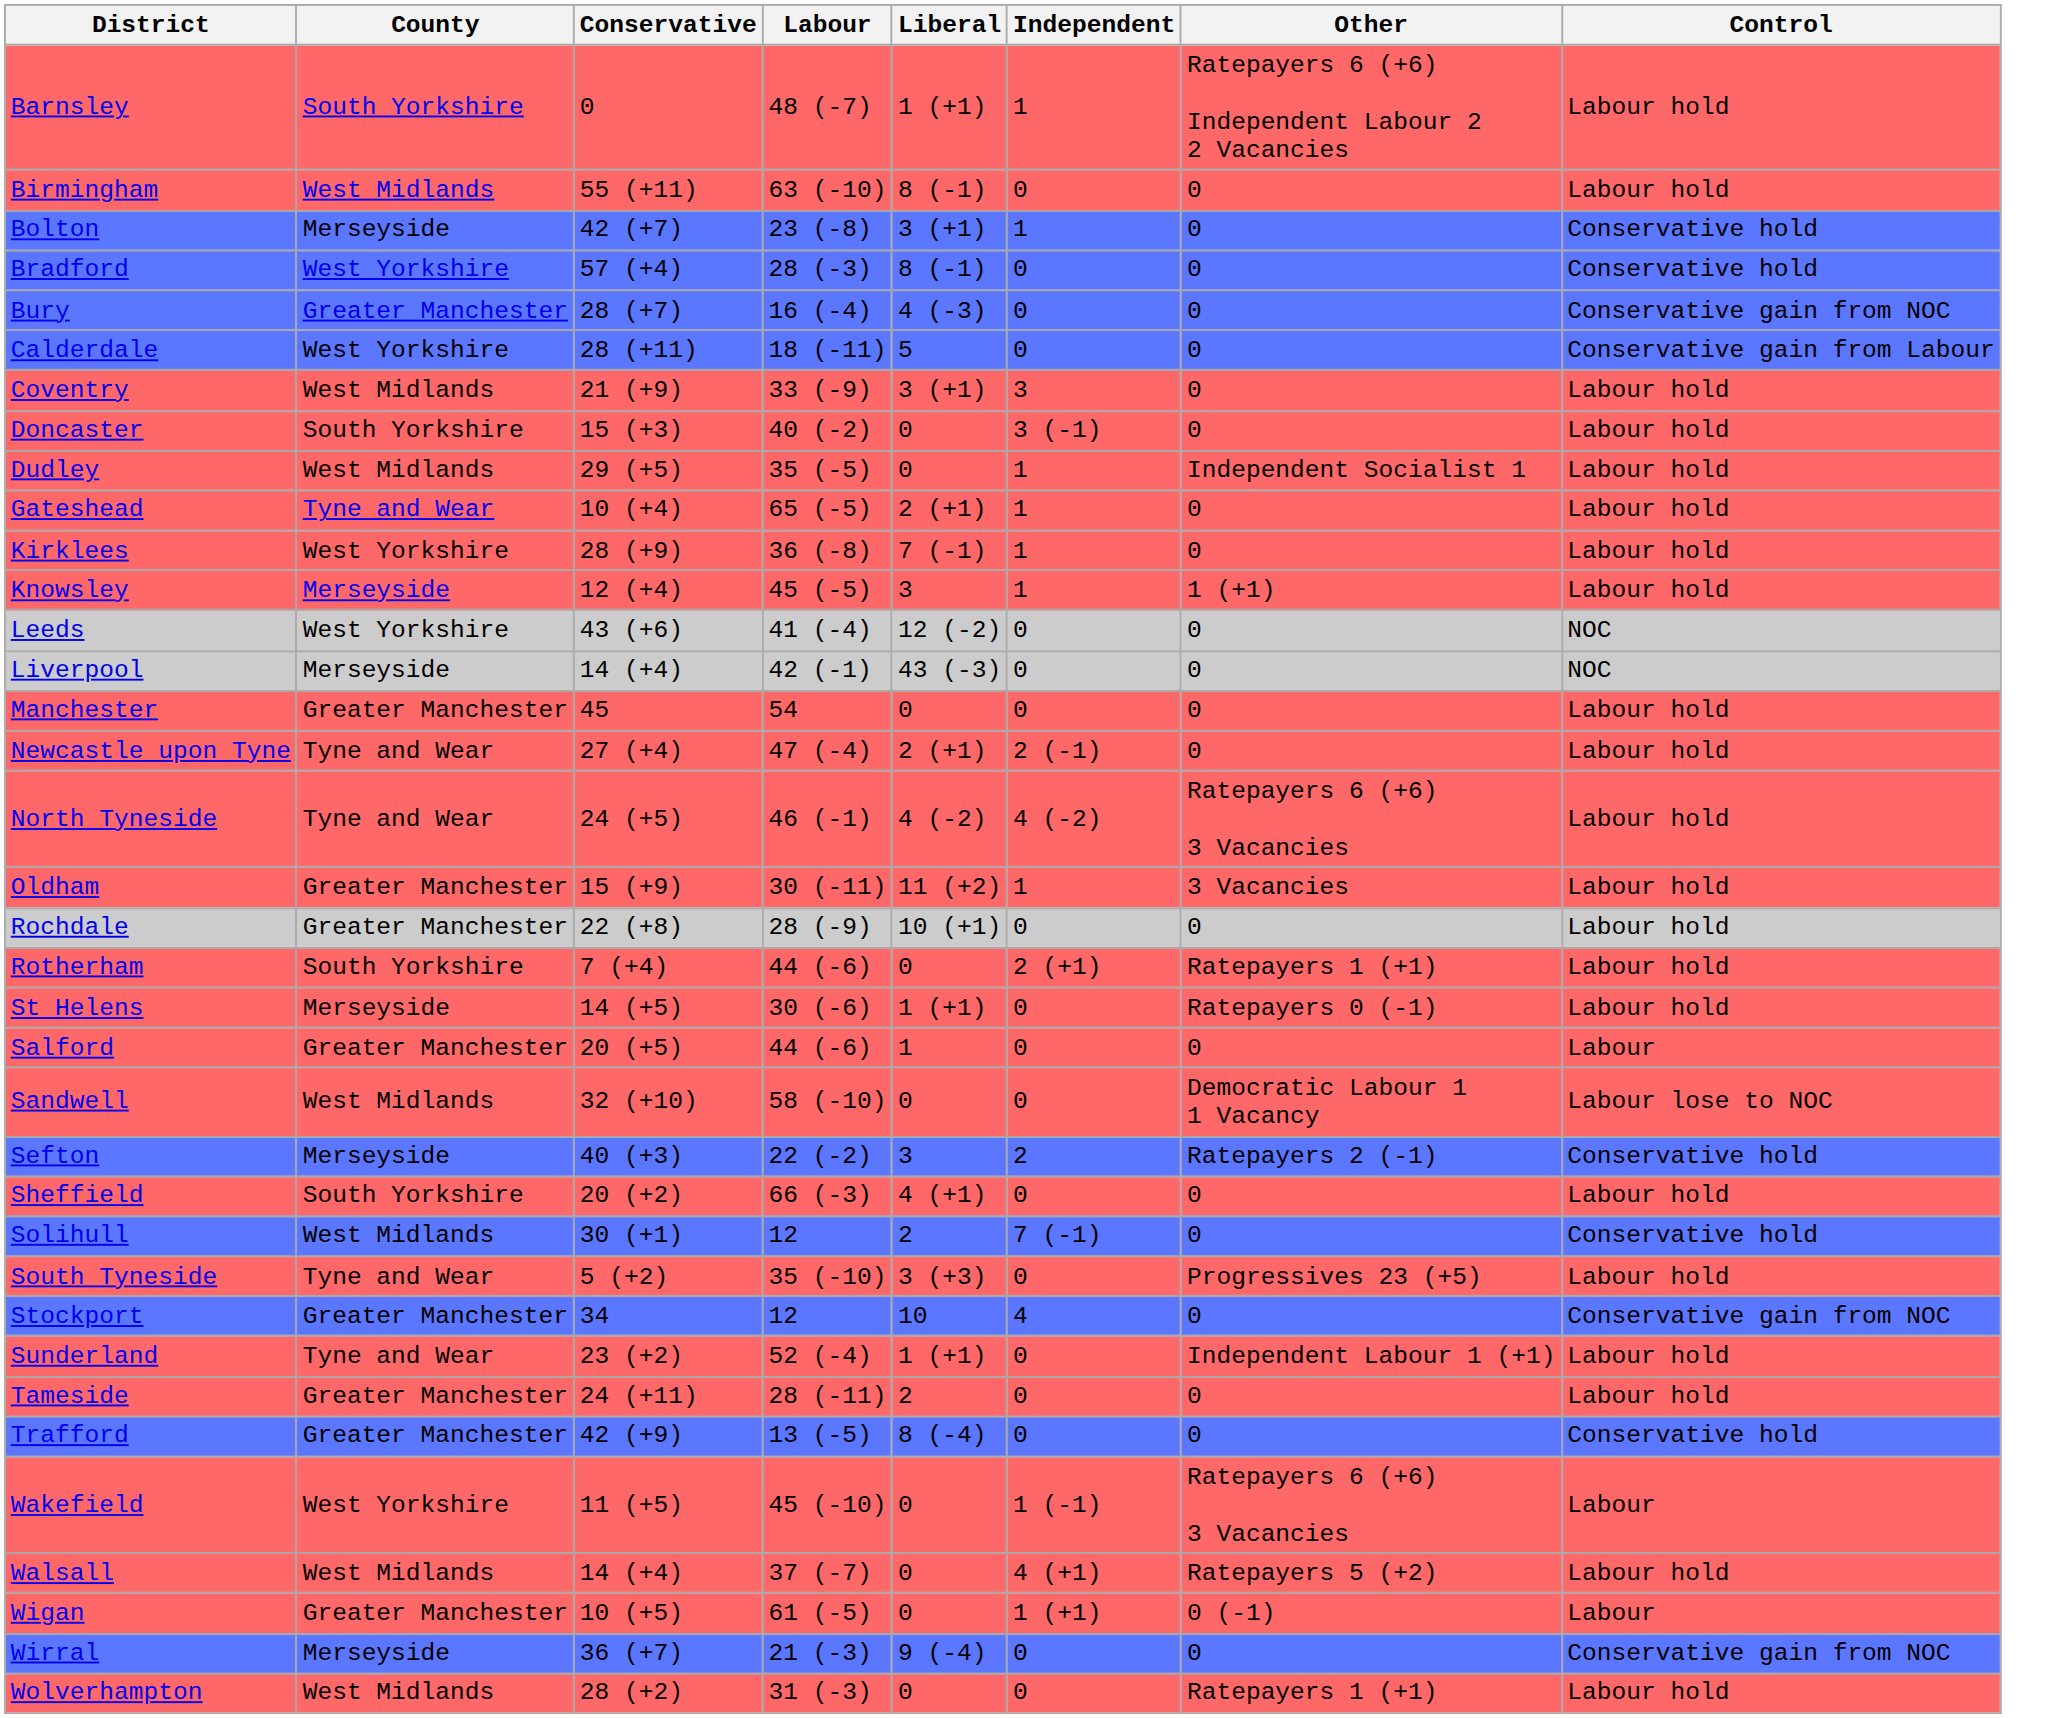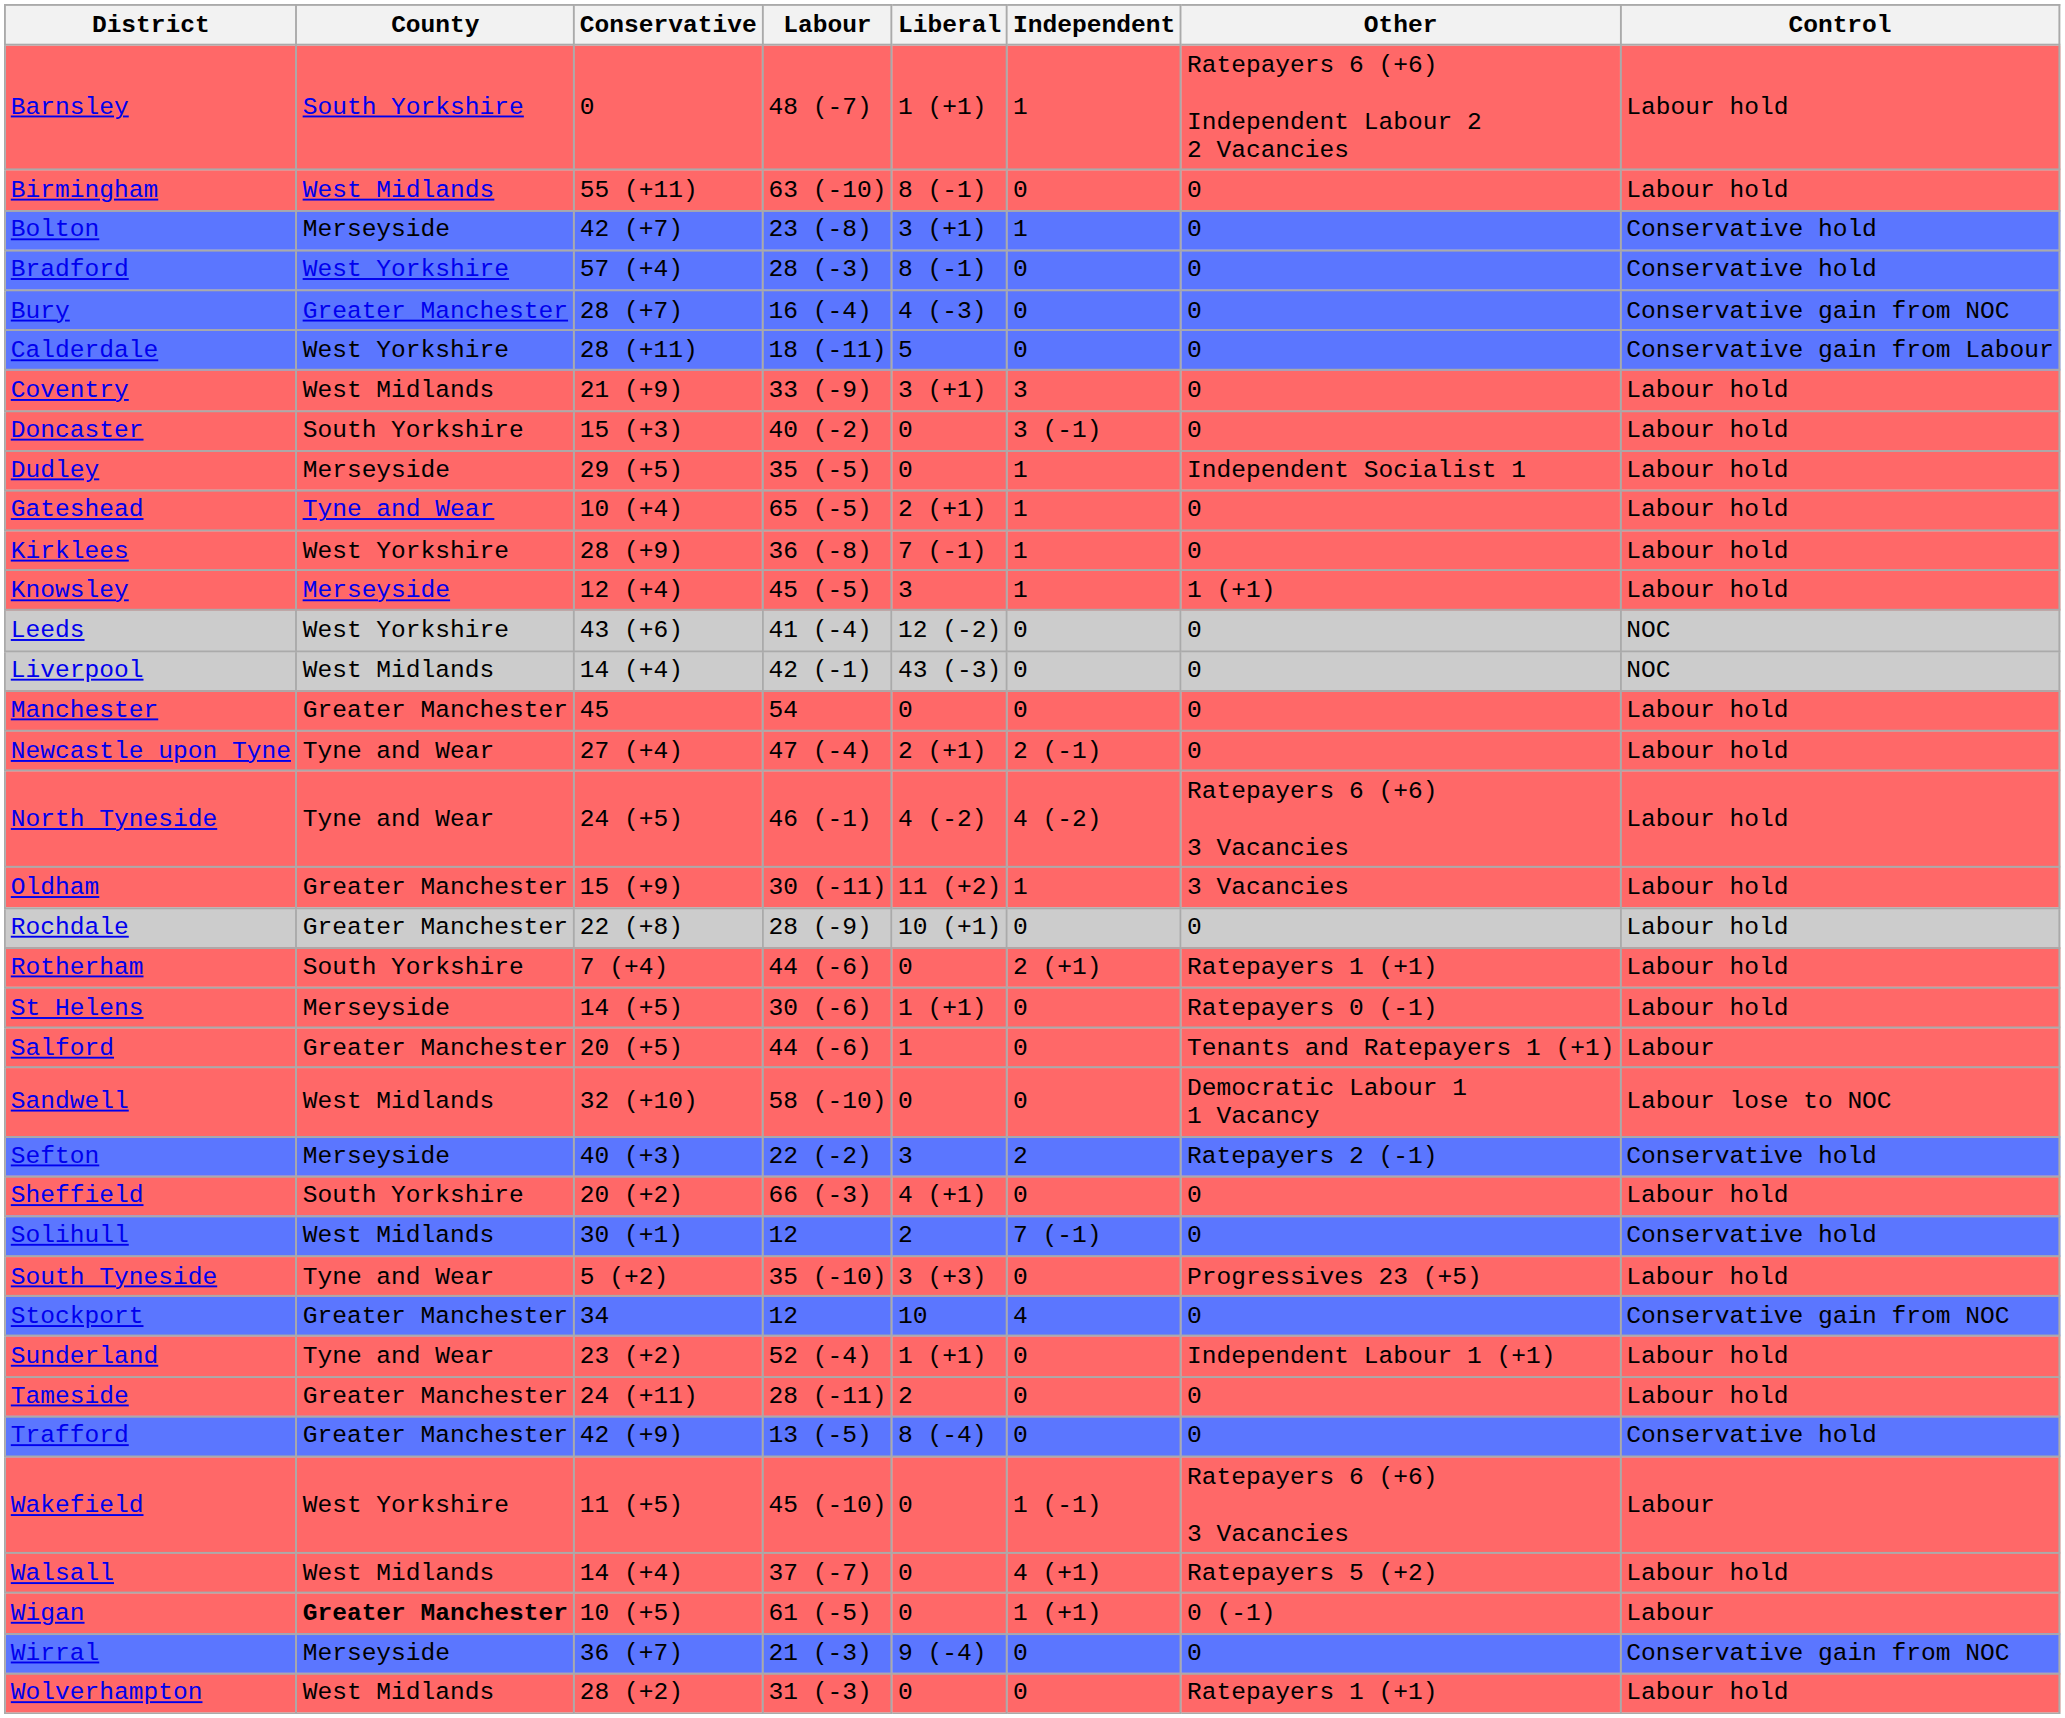 <table class="wikitable">
 <tr border=1 cellspacing=0 cellpadding=5>
 <th>District</th>
 <th>County</th>
 <th>Conservative</th>
 <th>Labour</th>
 <th>Liberal</th>
 <th>Independent</th>
 <th>Other</th>
 <th>Control</th>
 </tr>
 <tr bgcolor=FF6868>
 <td><a href='#'>Barnsley</a></td>
 <td><a href='#'>South Yorkshire</a></td>
 <td>0</td>
 <td>48 (-7)</td>
 <td>1 (+1)</td>
 <td>1</td>
 <td>Ratepayers 6 (+6)<br><br>Independent Labour 2<br> 2 Vacancies</td>
 <td>Labour hold</td>
 </tr>
 <tr bgcolor=FF6868>
 <td><a href='#'>Birmingham</a></td>
 <td><a href='#'>West Midlands</a></td>
 <td>55 (+11)</td>
 <td>63 (-10)</td>
 <td>8 (-1)</td>
 <td>0</td>
 <td>0</td>
 <td>Labour hold</td>
 </tr>
 <tr bgcolor=5B76FF>
 <td><a href='#'>Bolton</a></td>
 <td>Merseyside</td>
 <td>42 (+7)</td>
 <td>23 (-8)</td>
 <td>3 (+1)</td>
 <td>1</td>
 <td>0</td>
 <td>Conservative hold</td>
 </tr>
 <tr bgcolor=5B76FF>
 <td><a href='#'>Bradford</a></td>
 <td><a href='#'>West Yorkshire</a></td>
 <td>57 (+4)</td>
 <td>28 (-3)</td>
 <td>8 (-1)</td>
 <td>0</td>
 <td>0</td>
 <td>Conservative hold</td>
 </tr>
 <tr bgcolor=5B76FF>
 <td><a href='#'>Bury</a></td>
 <td><a href='#'>Greater Manchester</a></td>
 <td>28 (+7)</td>
 <td>16 (-4)</td>
 <td>4 (-3)</td>
 <td>0</td>
 <td>0</td>
 <td>Conservative gain from NOC</td>
 </tr>
 <tr bgcolor=5B76FF>
 <td><a href='#'>Calderdale</a></td>
 <td>West Yorkshire</td>
 <td>28 (+11)</td>
 <td>18 (-11)</td>
 <td>5</td>
 <td>0</td>
 <td>0</td>
 <td>Conservative gain from Labour</td>
 </tr>
 <tr bgcolor=FF6868>
 <td><a href='#'>Coventry</a></td>
 <td>West Midlands</td>
 <td>21 (+9)</td>
 <td>33 (-9)</td>
 <td>3 (+1)</td>
 <td>3</td>
 <td>0</td>
 <td>Labour hold</td>
 </tr>
 <tr bgcolor=FF6868>
 <td><a href='#'>Doncaster</a></td>
 <td>South Yorkshire</td>
 <td>15 (+3)</td>
 <td>40 (-2)</td>
 <td>0</td>
 <td>3 (-1)</td>
 <td>0</td>
 <td>Labour hold</td>
 </tr>
 <tr bgcolor=FF6868>
 <td><a href='#'>Dudley</a></td>
-<td>West Midlands</td>
+<td>Merseyside</td>
 <td>29 (+5)</td>
 <td>35 (-5)</td>
 <td>0</td>
 <td>1</td>
 <td>Independent Socialist 1</td>
 <td>Labour hold</td>
 </tr>
 <tr bgcolor=FF6868>
 <td><a href='#'>Gateshead</a></td>
 <td><a href='#'>Tyne and Wear</a></td>
 <td>10 (+4)</td>
 <td>65 (-5)</td>
 <td>2 (+1)</td>
 <td>1</td>
 <td>0</td>
 <td>Labour hold</td>
 </tr>
 <tr bgcolor=FF6868>
 <td><a href='#'>Kirklees</a></td>
 <td>West Yorkshire</td>
 <td>28 (+9)</td>
 <td>36 (-8)</td>
 <td>7 (-1)</td>
 <td>1</td>
 <td>0</td>
 <td>Labour hold</td>
 </tr>
 <tr bgcolor=FF6868>
 <td><a href='#'>Knowsley</a></td>
 <td><a href='#'>Merseyside</a></td>
 <td>12 (+4)</td>
 <td>45 (-5)</td>
 <td>3</td>
 <td>1</td>
 <td>1 (+1)</td>
 <td>Labour hold</td>
 </tr>
 <tr bgcolor=CCCCCC>
 <td><a href='#'>Leeds</a></td>
 <td>West Yorkshire</td>
 <td>43 (+6)</td>
 <td>41 (-4)</td>
 <td>12 (-2)</td>
 <td>0</td>
 <td>0</td>
 <td>NOC</td>
 </tr>
 <tr bgcolor=CCCCCC>
 <td><a href='#'>Liverpool</a></td>
-<td>Merseyside</td>
+<td>West Midlands</td>
 <td>14 (+4)</td>
 <td>42 (-1)</td>
 <td>43 (-3)</td>
 <td>0</td>
 <td>0</td>
 <td>NOC</td>
 </tr>
 <tr bgcolor=FF6868>
 <td><a href='#'>Manchester</a></td>
 <td>Greater Manchester</td>
 <td>45</td>
 <td>54</td>
 <td>0</td>
 <td>0</td>
 <td>0</td>
 <td>Labour hold</td>
 </tr>
 <tr bgcolor=FF6868>
 <td><a href='#'>Newcastle upon Tyne</a></td>
 <td>Tyne and Wear</td>
 <td>27 (+4)</td>
 <td>47 (-4)</td>
 <td>2 (+1)</td>
 <td>2 (-1)</td>
 <td>0</td>
 <td>Labour hold</td>
 </tr>
 <tr bgcolor=FF6868>
 <td><a href='#'>North Tyneside</a></td>
 <td>Tyne and Wear</td>
 <td>24 (+5)</td>
 <td>46 (-1)</td>
 <td>4 (-2)</td>
 <td>4 (-2)</td>
 <td>Ratepayers 6 (+6)<br><br>3 Vacancies</td>
 <td>Labour hold</td>
 </tr>
 <tr bgcolor=FF6868>
 <td><a href='#'>Oldham</a></td>
 <td>Greater Manchester</td>
 <td>15 (+9)</td>
 <td>30 (-11)</td>
 <td>11 (+2)</td>
 <td>1</td>
 <td>3 Vacancies</td>
 <td>Labour hold</td>
 </tr>
 <tr bgcolor=CCCCCC>
 <td><a href='#'>Rochdale</a></td>
 <td>Greater Manchester</td>
 <td>22 (+8)</td>
 <td>28 (-9)</td>
 <td>10 (+1)</td>
 <td>0</td>
 <td>0</td>
 <td>Labour hold</td>
 </tr>
 <tr bgcolor=FF6868>
 <td><a href='#'>Rotherham</a></td>
 <td>South Yorkshire</td>
 <td>7 (+4)</td>
 <td>44 (-6)</td>
 <td>0</td>
 <td>2 (+1)</td>
 <td>Ratepayers 1 (+1)</td>
 <td>Labour hold</td>
 </tr>
 <tr bgcolor=FF6868>
 <td><a href='#'>St Helens</a></td>
 <td>Merseyside</td>
 <td>14 (+5)</td>
 <td>30 (-6)</td>
 <td>1 (+1)</td>
 <td>0</td>
 <td>Ratepayers 0 (-1)</td>
 <td>Labour hold</td>
 </tr>
 <tr bgcolor=FF6868>
 <td><a href='#'>Salford</a></td>
 <td>Greater Manchester</td>
 <td>20 (+5)</td>
 <td>44 (-6)</td>
 <td>1</td>
 <td>0</td>
-<td>0</td>
+<td>Tenants and Ratepayers 1 (+1)</td>
 <td>Labour</td>
 </tr>
 <tr bgcolor=FF6868>
 <td><a href='#'>Sandwell</a></td>
 <td>West Midlands</td>
 <td>32 (+10)</td>
 <td>58 (-10)</td>
 <td>0</td>
 <td>0</td>
 <td>Democratic Labour 1 <br>1 Vacancy</td>
 <td>Labour lose to NOC</td>
 </tr>
 <tr bgcolor=5B76FF>
 <td><a href='#'>Sefton</a></td>
 <td>Merseyside</td>
 <td>40 (+3)</td>
 <td>22 (-2)</td>
 <td>3</td>
 <td>2</td>
 <td>Ratepayers 2 (-1)</td>
 <td>Conservative hold</td>
 </tr>
 <tr bgcolor=FF6868>
 <td><a href='#'>Sheffield</a></td>
 <td>South Yorkshire</td>
 <td>20 (+2)</td>
 <td>66 (-3)</td>
 <td>4 (+1)</td>
 <td>0</td>
 <td>0</td>
 <td>Labour hold</td>
 </tr>
 <tr bgcolor=5B76FF>
 <td><a href='#'>Solihull</a></td>
 <td>West Midlands</td>
 <td>30 (+1)</td>
 <td>12</td>
 <td>2</td>
 <td>7 (-1)</td>
 <td>0</td>
 <td>Conservative hold</td>
 </tr>
 <tr bgcolor=FF6868>
 <td><a href='#'>South Tyneside</a></td>
 <td>Tyne and Wear</td>
 <td>5 (+2)</td>
 <td>35 (-10)</td>
 <td>3 (+3)</td>
 <td>0</td>
 <td>Progressives 23 (+5)</td>
 <td>Labour hold</td>
 </tr>
 <tr bgcolor=5B76FF>
 <td><a href='#'>Stockport</a></td>
 <td>Greater Manchester</td>
 <td>34</td>
 <td>12</td>
 <td>10</td>
 <td>4</td>
 <td>0</td>
 <td>Conservative gain from NOC</td>
 </tr>
 <tr bgcolor=FF6868>
 <td><a href='#'>Sunderland</a></td>
 <td>Tyne and Wear</td>
 <td>23 (+2)</td>
 <td>52 (-4)</td>
 <td>1 (+1)</td>
 <td>0</td>
 <td>Independent Labour 1 (+1)</td>
 <td>Labour hold</td>
 </tr>
 <tr bgcolor=FF6868>
 <td><a href='#'>Tameside</a></td>
 <td>Greater Manchester</td>
 <td>24 (+11)</td>
 <td>28 (-11)</td>
 <td>2</td>
 <td>0</td>
 <td>0</td>
 <td>Labour hold</td>
 </tr>
 <tr bgcolor=5B76FF>
 <td><a href='#'>Trafford</a></td>
 <td>Greater Manchester</td>
 <td>42 (+9)</td>
 <td>13 (-5)</td>
 <td>8 (-4)</td>
 <td>0</td>
 <td>0</td>
 <td>Conservative hold</td>
 </tr>
 <tr bgcolor=FF6868>
 <td><a href='#'>Wakefield</a></td>
 <td>West Yorkshire</td>
 <td>11 (+5)</td>
 <td>45 (-10)</td>
 <td>0</td>
 <td>1 (-1)</td>
 <td>Ratepayers 6 (+6)<br><br>3 Vacancies</td>
 <td>Labour</td>
 </tr>
 <tr bgcolor=FF6868>
 <td><a href='#'>Walsall</a></td>
 <td>West Midlands</td>
 <td>14 (+4)</td>
 <td>37 (-7)</td>
 <td>0</td>
 <td>4 (+1)</td>
 <td>Ratepayers 5 (+2)</td>
 <td>Labour hold</td>
 </tr>
 <tr bgcolor=FF6868>
 <td><a href='#'>Wigan</a></td>
-<td>Greater Manchester</td>
+<td><strong>Greater Manchester</strong></td>
 <td>10 (+5)</td>
 <td>61 (-5)</td>
 <td>0</td>
 <td>1 (+1)</td>
 <td>0 (-1)</td>
 <td>Labour</td>
 </tr>
 <tr bgcolor=5B76FF>
 <td><a href='#'>Wirral</a></td>
 <td>Merseyside</td>
 <td>36 (+7)</td>
 <td>21 (-3)</td>
 <td>9 (-4)</td>
 <td>0</td>
 <td>0</td>
 <td>Conservative gain from NOC</td>
 </tr>
 <tr bgcolor=FF6868>
 <td><a href='#'>Wolverhampton</a></td>
 <td>West Midlands</td>
 <td>28 (+2)</td>
 <td>31 (-3)</td>
 <td>0</td>
 <td>0</td>
 <td>Ratepayers 1 (+1)</td>
 <td>Labour hold</td>
 </tr>
 </table>
